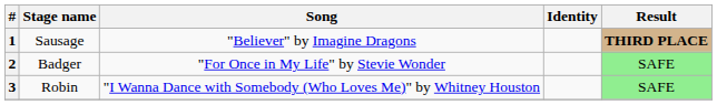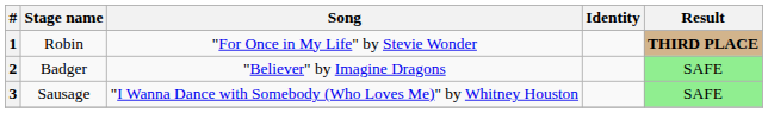 <table class="wikitable plainrowheaders" style="text-align: center;">
 <tr>
 <th>#</th>
 <th>Stage name</th>
 <th>Song</th>
 <th>Identity</th>
 <th>Result</th>
 </tr>
 <tr>
 <th>1</th>
-<td>Sausage</td>
-<td>"<a href='#'>Believer</a>" by <a href='#'>Imagine Dragons</a></td>
+<td>Robin</td>
+<td>"<a href='#'>For Once in My Life</a>" by <a href='#'>Stevie Wonder</a></td>
 <td></td>
 <td bgcolor=tan><strong>THIRD PLACE</strong></td>
 </tr>
 <tr>
 <th>2</th>
 <td>Badger</td>
-<td>"<a href='#'>For Once in My Life</a>" by <a href='#'>Stevie Wonder</a></td>
+<td>"<a href='#'>Believer</a>" by <a href='#'>Imagine Dragons</a></td>
 <td></td>
 <td bgcolor="lightgreen">SAFE</td>
 </tr>
 <tr>
 <th>3</th>
-<td>Robin</td>
+<td>Sausage</td>
 <td>"<a href='#'>I Wanna Dance with Somebody (Who Loves Me)</a>" by <a href='#'>Whitney Houston</a></td>
 <td></td>
 <td bgcolor="lightgreen">SAFE</td>
 </tr>
 <tr>
 </tr>
 </table>
